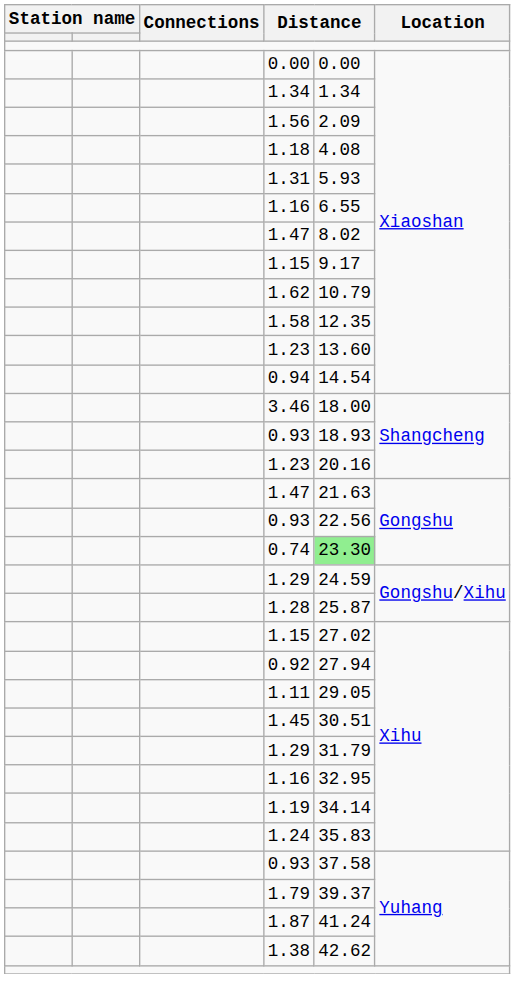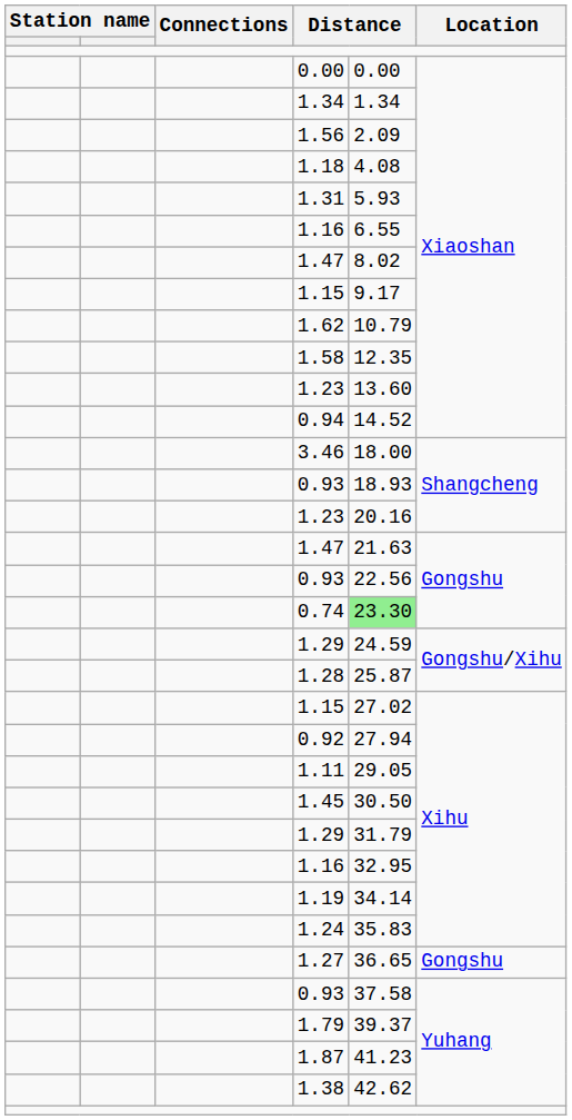 <table class="wikitable">
 <tr>
 <th colspan="2">Station name</th>
 <th rowspan="2">Connections</th>
 <th colspan="2" rowspan="2">Distance<br></th>
 <th rowspan="2">Location</th>
 </tr>
 <tr>
 <th></th>
 <th></th>
 </tr>
 <tr style="background:#">
 <td colspan = "6"></td>
 </tr>
 <tr>
 <td></td>
 <td></td>
 <td></td>
 <td>0.00</td>
 <td>0.00</td>
 <td rowspan="12"><a href='#'>Xiaoshan</a></td>
 </tr>
 <tr>
 <td></td>
 <td></td>
 <td></td>
 <td>1.34</td>
 <td>1.34</td>
 </tr>
 <tr>
 <td></td>
 <td></td>
 <td></td>
 <td>1.56</td>
 <td>2.09</td>
 </tr>
 <tr>
 <td></td>
 <td></td>
 <td></td>
 <td>1.18</td>
 <td>4.08</td>
 </tr>
 <tr>
 <td></td>
 <td></td>
 <td></td>
 <td>1.31</td>
 <td>5.93</td>
 </tr>
 <tr>
 <td></td>
 <td></td>
 <td></td>
 <td>1.16</td>
 <td>6.55</td>
 </tr>
 <tr>
 <td></td>
 <td></td>
 <td></td>
 <td>1.47</td>
 <td>8.02</td>
 </tr>
 <tr>
 <td></td>
 <td></td>
 <td></td>
 <td>1.15</td>
 <td>9.17</td>
 </tr>
 <tr>
 <td></td>
 <td></td>
 <td></td>
 <td>1.62</td>
 <td>10.79</td>
 </tr>
 <tr>
 <td></td>
 <td></td>
 <td></td>
 <td>1.58</td>
 <td>12.35</td>
 </tr>
 <tr>
 <td></td>
 <td></td>
 <td></td>
 <td>1.23</td>
 <td>13.60</td>
 </tr>
 <tr>
 <td></td>
 <td></td>
 <td></td>
 <td>0.94</td>
-<td>14.54</td>
+<td>14.52</td>
 </tr>
 <tr>
 <td></td>
 <td></td>
 <td> </td>
 <td>3.46</td>
 <td>18.00</td>
 <td rowspan="3"><a href='#'>Shangcheng</a></td>
 </tr>
 <tr>
 <td></td>
 <td></td>
 <td></td>
 <td>0.93</td>
 <td>18.93</td>
 </tr>
 <tr>
 <td></td>
 <td></td>
 <td></td>
 <td>1.23</td>
 <td>20.16</td>
 </tr>
 <tr>
 <td></td>
 <td></td>
 <td></td>
 <td>1.47</td>
 <td>21.63</td>
 <td rowspan="3"><a href='#'>Gongshu</a></td>
 </tr>
 <tr>
 <td></td>
 <td></td>
 <td></td>
 <td>0.93</td>
 <td>22.56</td>
 </tr>
 <tr>
 <td></td>
 <td></td>
 <td></td>
 <td>0.74</td>
 <td style="background: lightgreen;">23.30</td>
 </tr>
 <tr>
 <td></td>
 <td></td>
 <td></td>
 <td>1.29</td>
 <td>24.59</td>
 <td rowspan="2"><a href='#'>Gongshu</a>/<a href='#'>Xihu</a></td>
 </tr>
 <tr>
 <td></td>
 <td></td>
 <td></td>
 <td>1.28</td>
 <td>25.87</td>
 </tr>
 <tr>
 <td></td>
 <td></td>
 <td></td>
 <td>1.15</td>
 <td>27.02</td>
 <td rowspan="8"><a href='#'>Xihu</a></td>
 </tr>
 <tr>
 <td></td>
 <td></td>
 <td></td>
 <td>0.92</td>
 <td>27.94</td>
 </tr>
 <tr>
 <td></td>
 <td></td>
 <td></td>
 <td>1.11</td>
 <td>29.05</td>
 </tr>
 <tr>
 <td></td>
 <td></td>
 <td></td>
 <td>1.45</td>
-<td>30.51</td>
+<td>30.50</td>
 </tr>
 <tr>
 <td></td>
 <td></td>
 <td></td>
 <td>1.29</td>
 <td>31.79</td>
 </tr>
 <tr>
 <td></td>
 <td></td>
 <td></td>
 <td>1.16</td>
 <td>32.95</td>
 </tr>
 <tr>
 <td></td>
 <td></td>
 <td></td>
 <td>1.19</td>
 <td>34.14</td>
 </tr>
 <tr>
 <td></td>
 <td></td>
 <td></td>
 <td>1.24</td>
 <td>35.83</td>
 </tr>
 <tr>
 <td></td>
 <td></td>
 <td></td>
+<td>1.27</td>
+<td>36.65</td>
+<td><a href='#'>Gongshu</a></td>
+</tr>
+<tr>
+<td></td>
+<td></td>
+<td></td>
 <td>0.93</td>
 <td>37.58</td>
 <td rowspan="4"><a href='#'>Yuhang</a></td>
 </tr>
 <tr>
 <td></td>
 <td></td>
 <td></td>
 <td>1.79</td>
 <td>39.37</td>
 </tr>
 <tr>
 <td></td>
 <td></td>
 <td></td>
 <td>1.87</td>
-<td>41.24</td>
+<td>41.23</td>
 </tr>
 <tr>
 <td></td>
 <td></td>
 <td></td>
 <td>1.38</td>
 <td>42.62</td>
 </tr>
 <tr style="background:#">
 <td colspan = "6"></td>
 </tr>
 </table>
